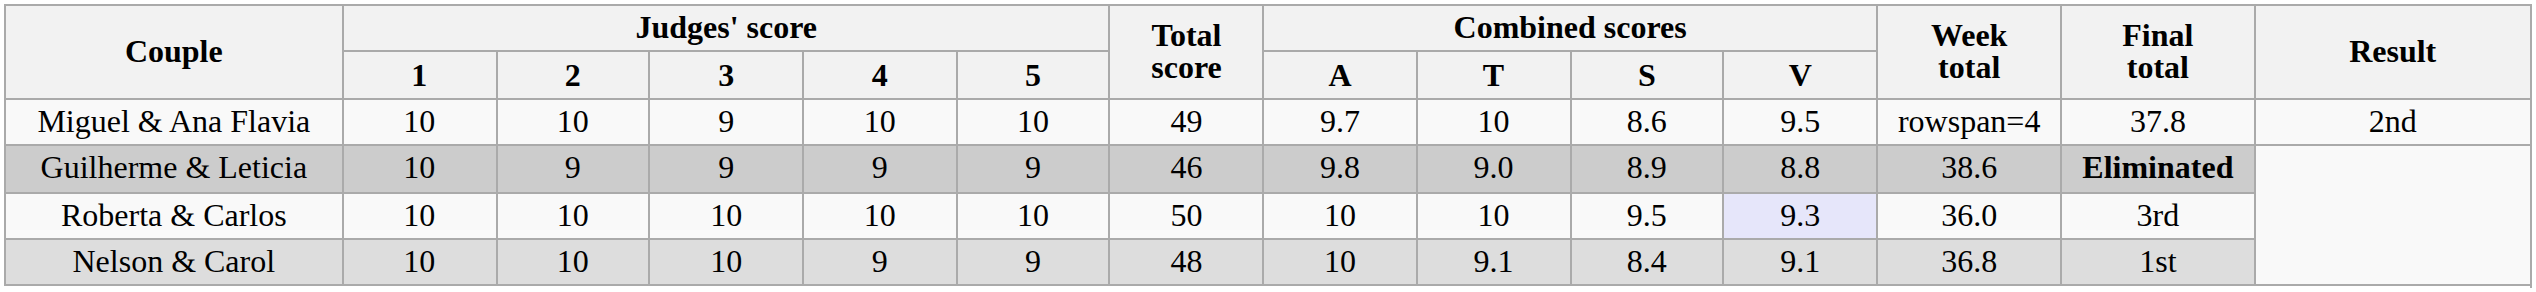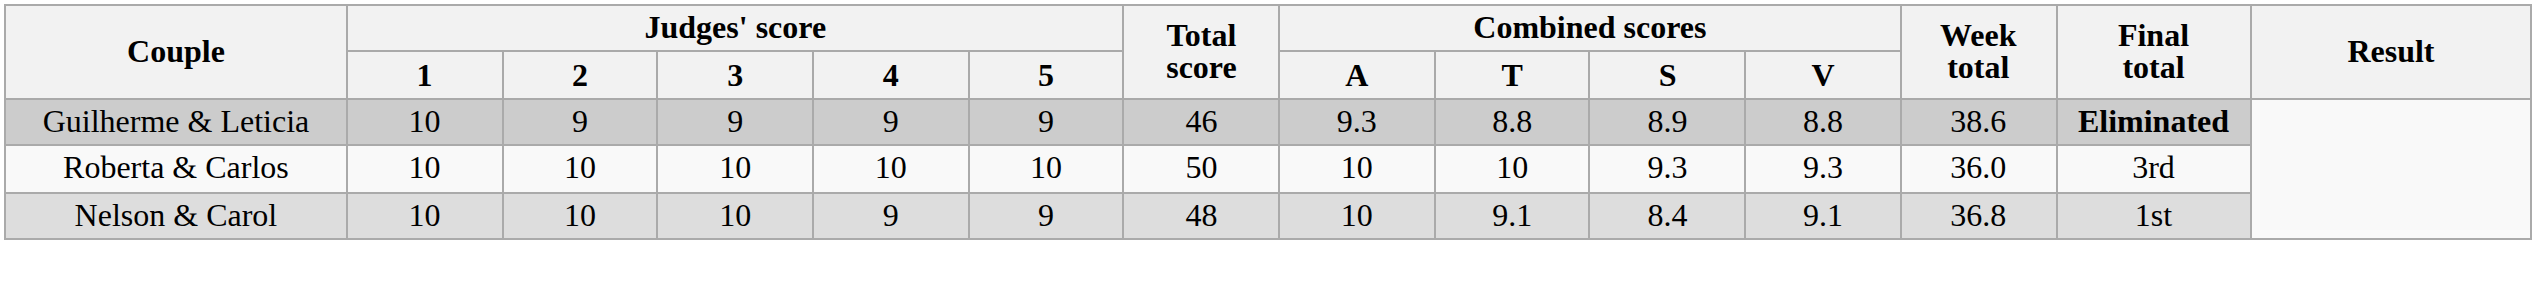 <table class="wikitable" style="font-size:100%; line-height:16px; text-align:center" width="100%">
 <tr>
 <th rowspan=2 width="11.00%">Couple</th>
 <th colspan=5 width="25.00%">Judges' score</th>
 <th rowspan=2 width="05.00%">Total<br>score</th>
 <th colspan=4 width="20.00%">Combined scores</th>
 <th rowspan=2 width="05.00%">Week<br>total</th>
 <th rowspan=2 width="05.00%">Final<br>total</th>
 <th rowspan=2 width="09.00%">Result</th>
 </tr>
 <tr>
 <th width="05.00%">1</th>
 <th width="05.00%">2</th>
 <th width="05.00%">3</th>
 <th width="05.00%">4</th>
 <th width="05.00%">5</th>
 <th width="05.00%">A</th>
 <th width="05.00%">T</th>
 <th width="05.00%">S</th>
 <th width="05.00%">V</th>
 </tr>
-<tr>
-<td>Miguel & Ana Flavia</td>
-<td>10</td>
-<td>10</td>
-<td>9</td>
-<td>10</td>
-<td>10</td>
-<td>49</td>
-<td>9.7</td>
-<td>10</td>
-<td>8.6</td>
-<td>9.5</td>
-<td>rowspan=4 </td>
-<td>37.8</td>
-<td>2nd</td>
-</tr>
 <tr bgcolor="CCCCCC">
 <td>Guilherme & Leticia</td>
 <td>10</td>
 <td>9</td>
 <td>9</td>
 <td>9</td>
 <td>9</td>
 <td>46</td>
-<td>9.8</td>
-<td>9.0</td>
+<td>9.3</td>
+<td>8.8</td>
 <td>8.9</td>
 <td>8.8</td>
 <td>38.6</td>
 <td><strong>Eliminated</strong></td>
 </tr>
 <tr>
 <td>Roberta & Carlos</td>
 <td>10</td>
 <td>10</td>
 <td>10</td>
 <td>10</td>
 <td>10</td>
 <td>50</td>
 <td>10</td>
 <td>10</td>
-<td>9.5</td>
-<td style="background: lavender;">9.3</td>
+<td>9.3</td>
+<td>9.3</td>
 <td>36.0</td>
 <td>3rd</td>
 </tr>
 <tr bgcolor="DDDDDD">
 <td>Nelson & Carol</td>
 <td>10</td>
 <td>10</td>
 <td>10</td>
 <td>9</td>
 <td>9</td>
 <td>48</td>
 <td>10</td>
 <td>9.1</td>
 <td>8.4</td>
 <td>9.1</td>
 <td>36.8</td>
 <td>1st</td>
 </tr>
 <tr>
 </tr>
 </table>
